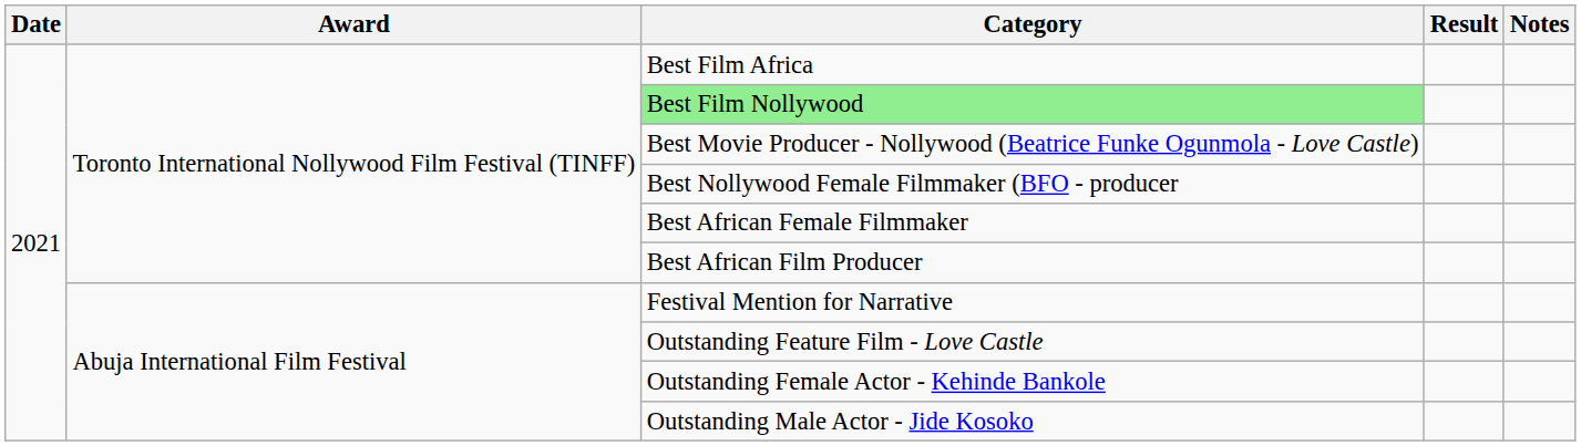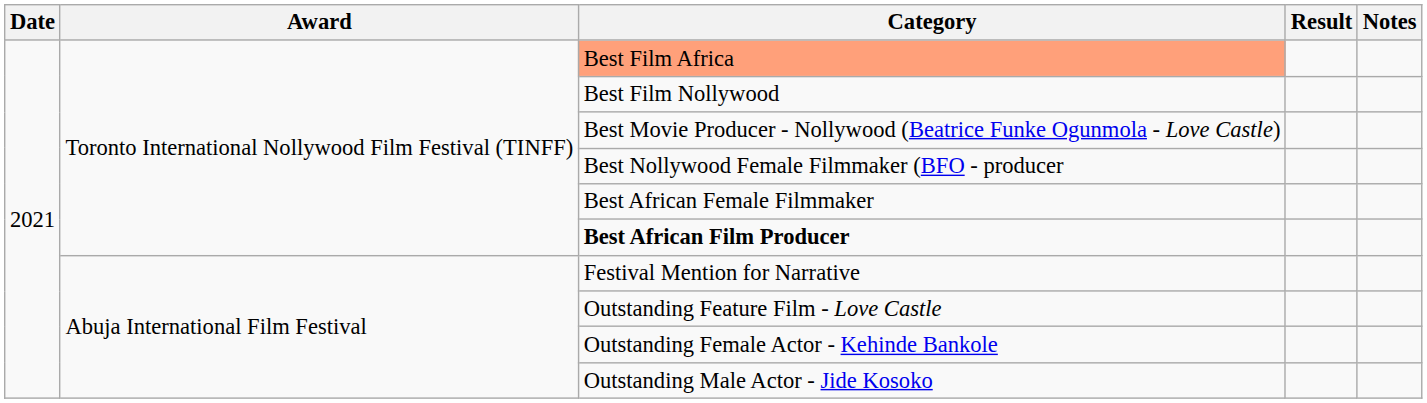 <table class="wikitable sortable">
 <tr>
 <th>Date</th>
 <th>Award</th>
 <th>Category</th>
 <th>Result</th>
 <th>Notes</th>
 </tr>
 <tr>
 <td rowspan="10">2021</td>
 <td rowspan="6">Toronto International Nollywood Film Festival (TINFF)</td>
-<td>Best Film Africa</td>
+<td style="background: lightsalmon;">Best Film Africa</td>
 <td></td>
 <td></td>
 </tr>
 <tr>
-<td style="background: lightgreen;">Best Film Nollywood</td>
+<td>Best Film Nollywood</td>
 <td></td>
 <td></td>
 </tr>
 <tr>
 <td>Best Movie Producer - Nollywood (<a href='#'>Beatrice Funke Ogunmola</a> - <em>Love Castle</em>)</td>
 <td></td>
 <td></td>
 </tr>
 <tr>
 <td>Best Nollywood Female Filmmaker (<a href='#'>BFO</a> - producer</td>
 <td></td>
 <td></td>
 </tr>
 <tr>
 <td>Best African Female Filmmaker</td>
 <td></td>
 <td></td>
 </tr>
 <tr>
-<td>Best African Film Producer</td>
+<td><strong>Best African Film Producer</strong></td>
 <td></td>
 <td></td>
 </tr>
 <tr>
 <td rowspan="4">Abuja International Film Festival</td>
 <td>Festival Mention for Narrative</td>
 <td></td>
 <td></td>
 </tr>
 <tr>
 <td>Outstanding Feature Film - <em>Love Castle</em></td>
 <td></td>
 <td></td>
 </tr>
 <tr>
 <td>Outstanding Female Actor - <a href='#'>Kehinde Bankole</a></td>
 <td></td>
 <td></td>
 </tr>
 <tr>
 <td>Outstanding Male Actor - <a href='#'>Jide Kosoko</a></td>
 <td></td>
 <td></td>
 </tr>
 </table>
